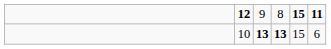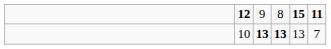 <table class="wikitable">
 <tr>
 <td style="width:18em"></td>
 <td align=center style="width:1em"><strong>12</strong></td>
 <td align=center style="width:1em">9</td>
 <td align=center style="width:1em">8</td>
 <td align=center style="width:1em"><strong>15</strong></td>
 <td align=center style="width:1em"><strong>11</strong></td>
 </tr>
 <tr>
 <td style="width:18em"></td>
 <td align=center style="width:1em">10</td>
 <td align=center style="width:1em"><strong>13</strong></td>
 <td align=center style="width:1em"><strong>13</strong></td>
-<td align=center style="width:1em">15</td>
-<td align=center style="width:1em">6</td>
+<td align=center style="width:1em">13</td>
+<td align=center style="width:1em">7</td>
 </tr>
 </table>
